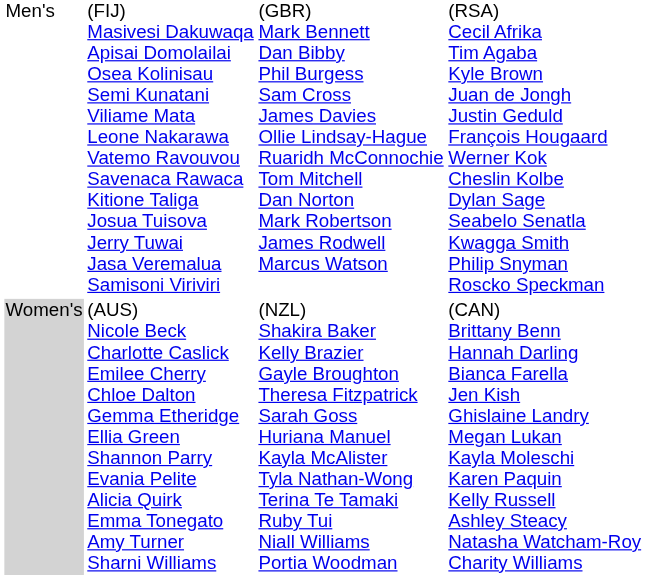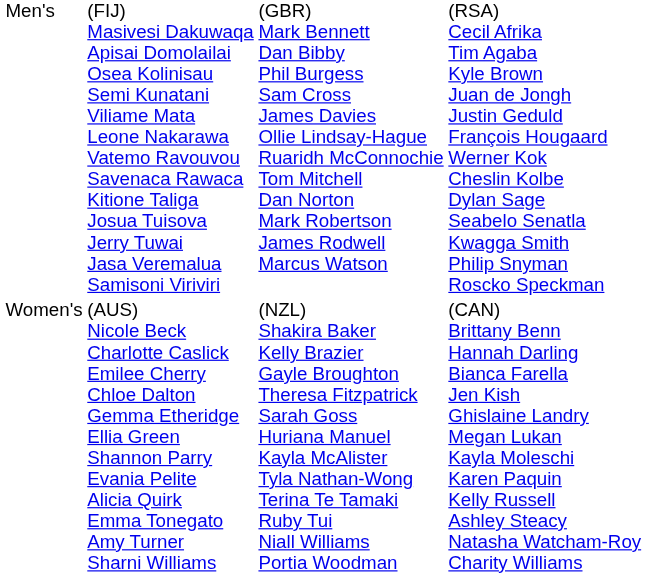 <table>
 <tr valign="top">
 <td>Men's<br></td>
 <td> (FIJ)<br><a href='#'>Masivesi Dakuwaqa</a><br><a href='#'>Apisai Domolailai</a><br><a href='#'>Osea Kolinisau</a><br><a href='#'>Semi Kunatani</a><br><a href='#'>Viliame Mata</a><br><a href='#'>Leone Nakarawa</a><br><a href='#'>Vatemo Ravouvou</a><br><a href='#'>Savenaca Rawaca</a><br><a href='#'>Kitione Taliga</a><br><a href='#'>Josua Tuisova</a><br><a href='#'>Jerry Tuwai</a><br><a href='#'>Jasa Veremalua</a><br><a href='#'>Samisoni Viriviri</a></td>
 <td> (GBR)<br><a href='#'>Mark Bennett</a><br><a href='#'>Dan Bibby</a><br><a href='#'>Phil Burgess</a><br><a href='#'>Sam Cross</a><br><a href='#'>James Davies</a><br><a href='#'>Ollie Lindsay-Hague</a><br><a href='#'>Ruaridh McConnochie</a><br><a href='#'>Tom Mitchell</a><br><a href='#'>Dan Norton</a><br><a href='#'>Mark Robertson</a><br><a href='#'>James Rodwell</a><br><a href='#'>Marcus Watson</a></td>
 <td> (RSA)<br><a href='#'>Cecil Afrika</a><br><a href='#'>Tim Agaba</a><br><a href='#'>Kyle Brown</a><br><a href='#'>Juan de Jongh</a><br><a href='#'>Justin Geduld</a><br><a href='#'>François Hougaard</a><br><a href='#'>Werner Kok</a><br><a href='#'>Cheslin Kolbe</a><br><a href='#'>Dylan Sage</a><br><a href='#'>Seabelo Senatla</a><br><a href='#'>Kwagga Smith</a><br><a href='#'>Philip Snyman</a><br><a href='#'>Roscko Speckman</a></td>
 </tr>
 <tr valign="top">
-<td style="background: lightgrey;">Women's<br></td>
+<td>Women's<br></td>
 <td> (AUS)<br><a href='#'>Nicole Beck</a><br><a href='#'>Charlotte Caslick</a><br><a href='#'>Emilee Cherry</a><br><a href='#'>Chloe Dalton</a><br><a href='#'>Gemma Etheridge</a><br><a href='#'>Ellia Green</a><br><a href='#'>Shannon Parry</a><br><a href='#'>Evania Pelite</a><br><a href='#'>Alicia Quirk</a><br><a href='#'>Emma Tonegato</a><br><a href='#'>Amy Turner</a><br><a href='#'>Sharni Williams</a></td>
 <td> (NZL)<br><a href='#'>Shakira Baker</a><br><a href='#'>Kelly Brazier</a><br><a href='#'>Gayle Broughton</a><br><a href='#'>Theresa Fitzpatrick</a><br><a href='#'>Sarah Goss</a><br><a href='#'>Huriana Manuel</a><br><a href='#'>Kayla McAlister</a><br><a href='#'>Tyla Nathan-Wong</a><br><a href='#'>Terina Te Tamaki</a><br><a href='#'>Ruby Tui</a><br><a href='#'>Niall Williams</a><br><a href='#'>Portia Woodman</a></td>
 <td> (CAN)<br><a href='#'>Brittany Benn</a><br><a href='#'>Hannah Darling</a><br><a href='#'>Bianca Farella</a><br><a href='#'>Jen Kish</a><br><a href='#'>Ghislaine Landry</a><br><a href='#'>Megan Lukan</a><br><a href='#'>Kayla Moleschi</a><br><a href='#'>Karen Paquin</a><br><a href='#'>Kelly Russell</a><br><a href='#'>Ashley Steacy</a><br><a href='#'>Natasha Watcham-Roy</a><br><a href='#'>Charity Williams</a></td>
 </tr>
 </table>
